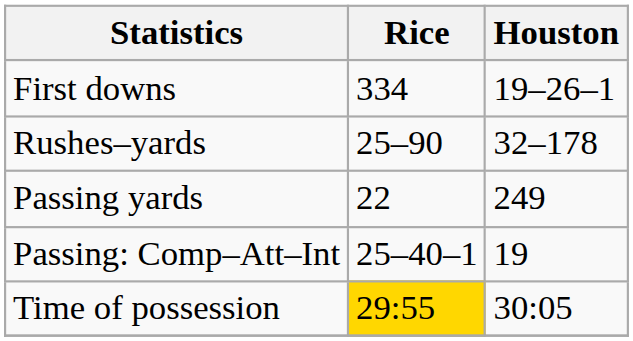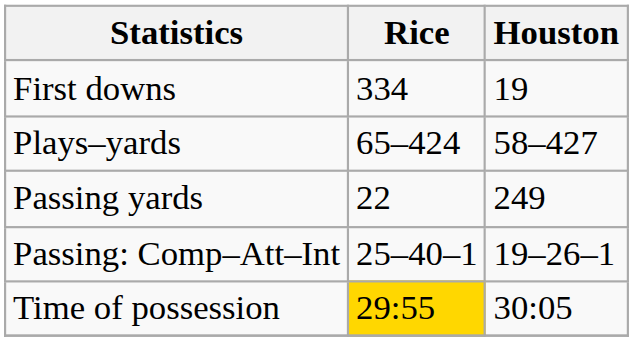 <table class="wikitable" style="float: left;">
 <tr>
 <th>Statistics</th>
 <th>Rice</th>
 <th>Houston</th>
 </tr>
 <tr>
 <td>First downs</td>
 <td>334</td>
-<td>19–26–1</td>
+<td>19</td>
 </tr>
 <tr>
-<td>Rushes–yards</td>
-<td>25–90</td>
-<td>32–178</td>
+<td>Plays–yards</td>
+<td>65–424</td>
+<td>58–427</td>
 </tr>
 <tr>
 <td>Passing yards</td>
 <td>22</td>
 <td>249</td>
 </tr>
 <tr>
 <td>Passing: Comp–Att–Int</td>
 <td>25–40–1</td>
-<td>19</td>
+<td>19–26–1</td>
 </tr>
 <tr>
 <td>Time of possession</td>
 <td style="background: gold;">29:55</td>
 <td>30:05</td>
 </tr>
 <tr>
 </tr>
 </table>
